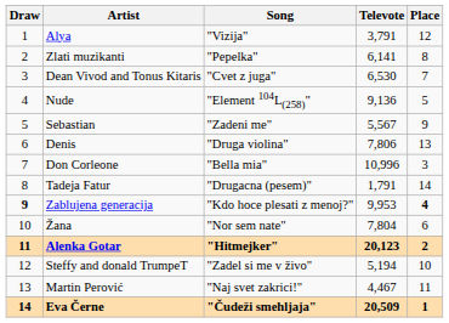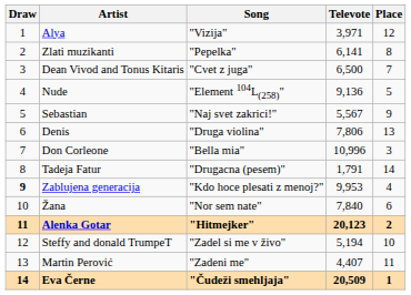 <table class="sortable wikitable" style="margin: 1em auto 1em auto; text-align:center;">
 <tr>
 <th>Draw</th>
 <th>Artist</th>
 <th>Song</th>
 <th>Televote</th>
 <th>Place</th>
 </tr>
 <tr>
 <td>1</td>
 <td style="text-align:left"><a href='#'>Alya</a></td>
 <td style="text-align:left">"Vizija"</td>
-<td>3,791</td>
+<td>3,971</td>
 <td>12</td>
 </tr>
 <tr>
 <td>2</td>
 <td style="text-align:left">Zlati muzikanti</td>
 <td style="text-align:left">"Pepelka"</td>
 <td>6,141</td>
 <td>8</td>
 </tr>
 <tr>
 <td>3</td>
 <td style="text-align:left">Dean Vivod and Tonus Kitaris</td>
 <td style="text-align:left">"Cvet z juga"</td>
-<td>6,530</td>
+<td>6,500</td>
 <td>7</td>
 </tr>
 <tr>
 <td>4</td>
 <td style="text-align:left">Nude</td>
 <td style="text-align:left">"Element <sup>104</sup>L<sub>(258)</sub>"</td>
 <td>9,136</td>
 <td>5</td>
 </tr>
 <tr>
 <td>5</td>
 <td style="text-align:left">Sebastian</td>
-<td style="text-align:left">"Zadeni me"</td>
+<td style="text-align:left">"Naj svet zakrici!"</td>
 <td>5,567</td>
 <td>9</td>
 </tr>
 <tr>
 <td>6</td>
 <td style="text-align:left">Denis</td>
 <td style="text-align:left">"Druga violina"</td>
 <td>7,806</td>
 <td>13</td>
 </tr>
 <tr>
 <td>7</td>
 <td style="text-align:left">Don Corleone</td>
 <td style="text-align:left">"Bella mia"</td>
 <td>10,996</td>
 <td>3</td>
 </tr>
 <tr>
 <td>8</td>
 <td style="text-align:left">Tadeja Fatur</td>
 <td style="text-align:left">"Drugacna (pesem)"</td>
 <td>1,791</td>
 <td>14</td>
 </tr>
 <tr>
 <td><strong>9</strong></td>
 <td style="text-align:left"><a href='#'>Zablujena generacija</a></td>
 <td style="text-align:left">"Kdo hoce plesati z menoj?"</td>
 <td>9,953</td>
-<td><strong>4</strong></td>
+<td>4</td>
 </tr>
 <tr>
 <td>10</td>
 <td style="text-align:left">Žana</td>
 <td style="text-align:left">"Nor sem nate"</td>
-<td>7,804</td>
+<td>7,840</td>
 <td>6</td>
 </tr>
 <tr style="font-weight:bold;background:navajowhite">
 <td>11</td>
 <td style="text-align:left"><a href='#'>Alenka Gotar</a></td>
 <td style="text-align:left">"Hitmejker"</td>
 <td>20,123</td>
 <td>2</td>
 </tr>
 <tr>
 <td>12</td>
 <td style="text-align:left">Steffy and donald TrumpeT</td>
 <td style="text-align:left">"Zadel si me v živo"</td>
 <td>5,194</td>
 <td>10</td>
 </tr>
 <tr>
 <td>13</td>
 <td style="text-align:left">Martin Perović</td>
-<td style="text-align:left">"Naj svet zakrici!"</td>
-<td>4,467</td>
+<td style="text-align:left">"Zadeni me"</td>
+<td>4,407</td>
 <td>11</td>
 </tr>
 <tr style="font-weight:bold; background:navajowhite">
 <td>14</td>
 <td style="text-align:left">Eva Černe</td>
 <td style="text-align:left">"Čudeži smehljaja"</td>
 <td>20,509</td>
 <td>1</td>
 </tr>
 </table>
